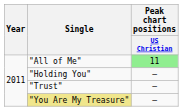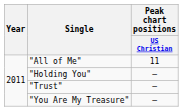 <table class="wikitable" style="text-align:center;">
 <tr>
 <th rowspan=2>Year</th>
 <th rowspan=2>Single</th>
 <th colspan=6>Peak chart positions</th>
 </tr>
 <tr style="font-size:smaller;">
 <th width=40><a href='#'>US Christian</a></th>
 </tr>
 <tr>
 <td rowspan="4">2011</td>
 <td align="left">"All of Me"</td>
-<td style="background: lightgreen;">11</td>
+<td>11</td>
 </tr>
 <tr>
 <td align="left">"Holding You"</td>
 <td>—</td>
 </tr>
 <tr>
 <td align="left">"Trust"</td>
 <td>—</td>
 </tr>
 <tr>
-<td align="left" style="background: khaki;">"You Are My Treasure"</td>
+<td align="left">"You Are My Treasure"</td>
 <td>—</td>
 </tr>
 </table>
